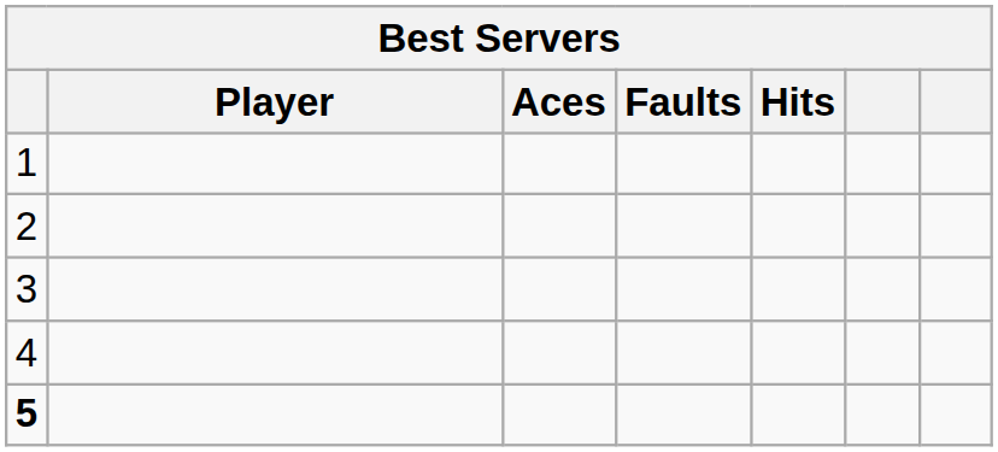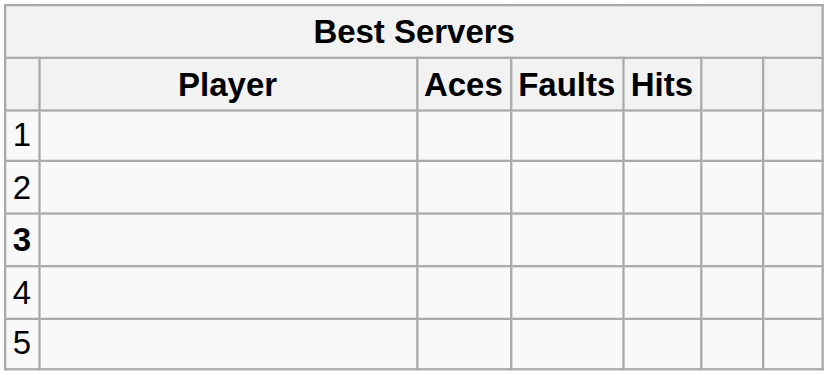 <table class="wikitable sortable" style=font-size:90%>
 <tr>
 <th colspan=7>Best Servers</th>
 </tr>
 <tr>
 <th></th>
 <th width=158>Player</th>
 <th width=20>Aces</th>
 <th width=20>Faults</th>
 <th width=20>Hits</th>
 <th width=20></th>
 <th width=20></th>
 </tr>
 <tr>
 <td align=center>1</td>
 <td></td>
 <td align=center></td>
 <td align=center></td>
 <td align=center></td>
 <td align=center></td>
 <td align=center></td>
 </tr>
 <tr>
 <td align=center>2</td>
 <td></td>
 <td align=center></td>
 <td align=center></td>
 <td align=center></td>
 <td align=center></td>
 <td align=center></td>
 </tr>
 <tr>
-<td align=center>3</td>
+<td align=center><strong>3</strong></td>
 <td></td>
 <td align=center></td>
 <td align=center></td>
 <td align=center></td>
 <td align=center></td>
 <td align=center></td>
 </tr>
 <tr>
 <td align=center>4</td>
 <td></td>
 <td align=center></td>
 <td align=center></td>
 <td align=center></td>
 <td align=center></td>
 <td align=center></td>
 </tr>
 <tr>
-<td align=center><strong>5</strong></td>
+<td align=center>5</td>
 <td></td>
 <td align=center></td>
 <td align=center></td>
 <td align=center></td>
 <td align=center></td>
 <td align=center></td>
 </tr>
 </table>
